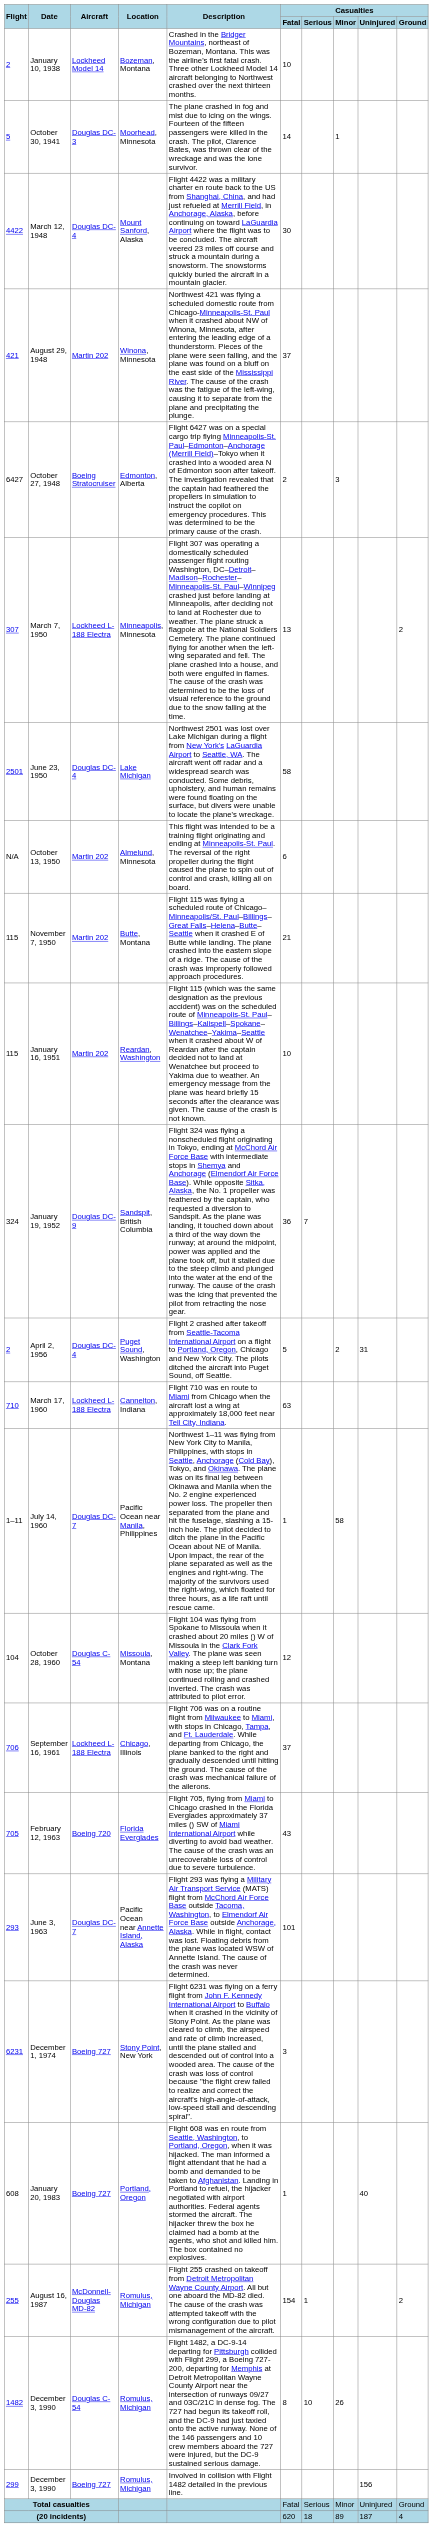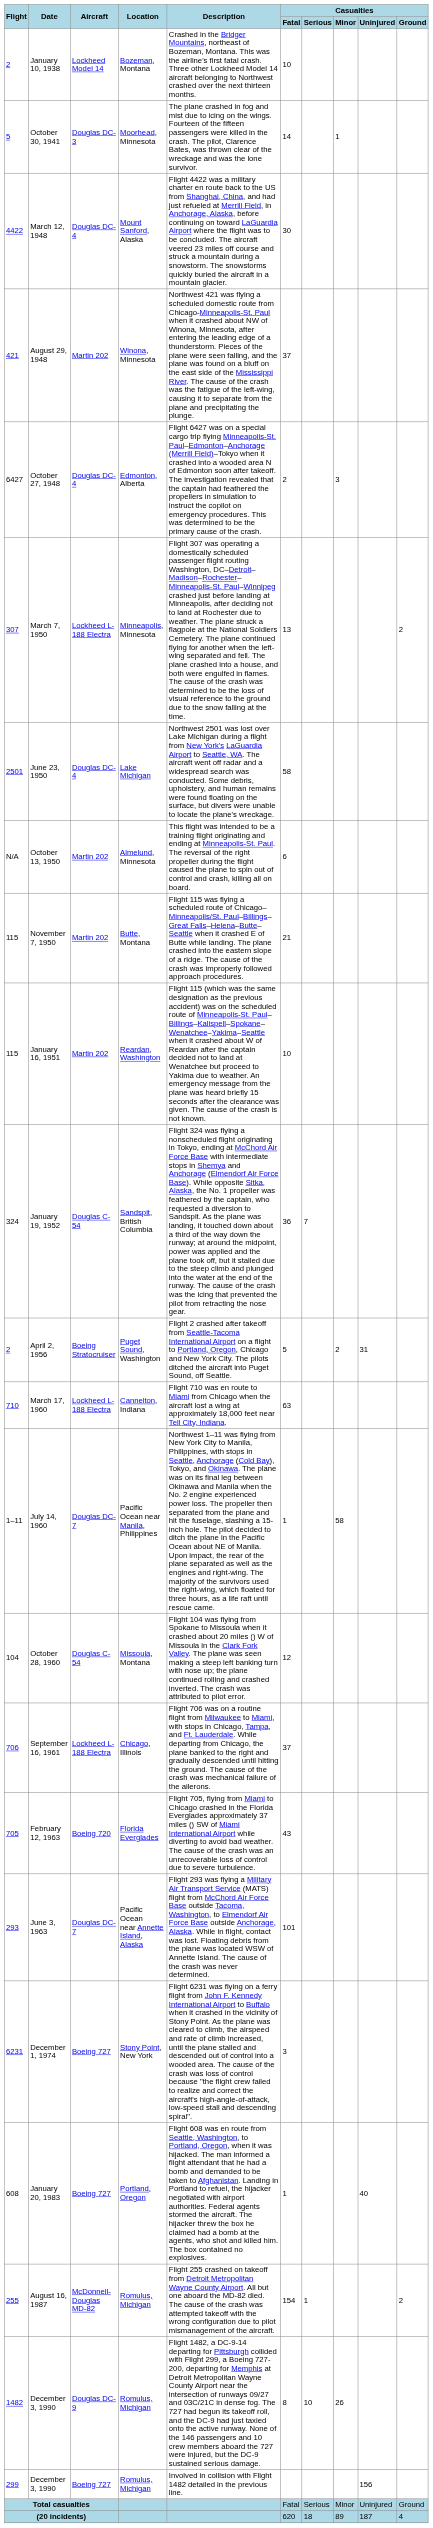 <table class="sortable toccolours" border="1" cellpadding="3" style="border-collapse:collapse; margin: 1em auto;">
 <tr style="background:lightblue;">
 <th rowspan="2">Flight</th>
 <th rowspan="2">Date</th>
 <th rowspan="2">Aircraft</th>
 <th rowspan="2">Location</th>
 <th rowspan="2">Description</th>
 <th colspan="5">Casualties</th>
 </tr>
 <tr style="background:lightblue;">
 <th>Fatal</th>
 <th>Serious</th>
 <th>Minor</th>
 <th>Uninjured</th>
 <th>Ground</th>
 </tr>
 <tr>
 <td><a href='#'>2</a></td>
 <td>January 10, 1938</td>
 <td><a href='#'>Lockheed<br>Model 14</a></td>
 <td><a href='#'>Bozeman</a>, Montana</td>
 <td>Crashed in the <a href='#'>Bridger Mountains</a>,  northeast of Bozeman, Montana. This was the airline's first fatal crash. Three other Lockheed Model 14 aircraft belonging to Northwest crashed over the next thirteen months.</td>
 <td>10</td>
 <td></td>
 <td></td>
 <td></td>
 <td></td>
 </tr>
 <tr>
 <td><a href='#'>5</a></td>
 <td>October 30, 1941</td>
 <td><a href='#'>Douglas DC-3</a></td>
 <td><a href='#'>Moorhead</a>, Minnesota</td>
 <td>The plane crashed in fog and mist due to icing on the wings. Fourteen of the fifteen passengers were killed in the crash. The pilot, Clarence Bates, was thrown clear of the wreckage and was the lone survivor.</td>
 <td>14</td>
 <td></td>
 <td>1</td>
 <td></td>
 <td></td>
 </tr>
 <tr>
 <td><a href='#'>4422</a></td>
 <td>March 12, 1948</td>
 <td><a href='#'>Douglas DC-4</a></td>
 <td><a href='#'>Mount Sanford</a>, Alaska</td>
 <td>Flight 4422 was a military charter en route back to the US from <a href='#'>Shanghai, China</a>, and had just refueled at <a href='#'>Merrill Field</a>, in <a href='#'>Anchorage, Alaska</a>, before continuing on toward <a href='#'>LaGuardia Airport</a> where the flight was to be concluded. The aircraft veered 23 miles off course and struck a mountain during a snowstorm. The snowstorms quickly buried the aircraft in a mountain glacier.</td>
 <td>30</td>
 <td></td>
 <td></td>
 <td></td>
 <td></td>
 </tr>
 <tr>
 <td><a href='#'>421</a></td>
 <td>August 29, 1948</td>
 <td><a href='#'>Martin 202</a></td>
 <td><a href='#'>Winona</a>, Minnesota</td>
 <td>Northwest 421 was flying a scheduled domestic route from Chicago-<a href='#'>Minneapolis-St. Paul</a> when it crashed about  NW of Winona, Minnesota, after entering the leading edge of a thunderstorm. Pieces of the plane were seen falling, and the plane was found on a bluff on the east side of the <a href='#'>Mississippi River</a>. The cause of the crash was the fatigue of the left-wing, causing it to separate from the plane and precipitating the plunge.</td>
 <td>37</td>
 <td></td>
 <td></td>
 <td></td>
 <td></td>
 </tr>
 <tr>
 <td>6427</td>
 <td>October 27, 1948</td>
-<td><a href='#'>Boeing Stratocruiser</a></td>
+<td><a href='#'>Douglas DC-4</a></td>
 <td><a href='#'>Edmonton</a>, Alberta</td>
 <td>Flight 6427 was on a special cargo trip flying <a href='#'>Minneapolis-St. Paul</a>–<a href='#'>Edmonton</a>–<a href='#'>Anchorage (Merrill Field)</a>–Tokyo when it crashed into a wooded area  N of Edmonton soon after takeoff. The investigation revealed that the captain had feathered the propellers in simulation to instruct the copilot on emergency procedures. This was determined to be the primary cause of the crash.</td>
 <td>2</td>
 <td></td>
 <td>3</td>
 <td></td>
 <td></td>
 </tr>
 <tr>
 <td><a href='#'>307</a></td>
 <td>March 7, 1950</td>
 <td><a href='#'>Lockheed L-188 Electra</a></td>
 <td><a href='#'>Minneapolis</a>, Minnesota</td>
 <td>Flight 307 was operating a domestically scheduled passenger flight routing Washington, DC–<a href='#'>Detroit</a>–<a href='#'>Madison</a>–<a href='#'>Rochester</a>–<a href='#'>Minneapolis-St. Paul</a>–<a href='#'>Winnipeg</a> crashed just before landing at Minneapolis, after deciding not to land at Rochester due to weather. The plane struck a flagpole at the National Soldiers Cemetery. The plane continued flying for another  when the left-wing separated and fell. The plane crashed into a house, and both were engulfed in flames. The cause of the crash was determined to be the loss of visual reference to the ground due to the snow falling at the time.</td>
 <td>13</td>
 <td></td>
 <td></td>
 <td></td>
 <td>2</td>
 </tr>
 <tr>
 <td><a href='#'>2501</a></td>
 <td>June 23, 1950</td>
 <td><a href='#'>Douglas DC-4</a></td>
 <td><a href='#'>Lake Michigan</a></td>
 <td>Northwest 2501 was lost over Lake Michigan during a flight from <a href='#'>New York's</a> <a href='#'>LaGuardia Airport</a> to <a href='#'>Seattle, WA</a>. The aircraft went off radar and a widespread search was conducted. Some debris, upholstery, and human remains were found floating on the surface, but divers were unable to locate the plane's wreckage.</td>
 <td>58</td>
 <td></td>
 <td></td>
 <td></td>
 <td></td>
 </tr>
 <tr>
 <td>N/A</td>
 <td>October 13, 1950</td>
 <td><a href='#'>Martin 202</a></td>
 <td><a href='#'>Almelund</a>, Minnesota</td>
 <td>This flight was intended to be a training flight originating and ending at <a href='#'>Minneapolis-St. Paul</a>. The reversal of the right propeller during the flight caused the plane to spin out of control and crash, killing all on board.</td>
 <td>6</td>
 <td></td>
 <td></td>
 <td></td>
 <td></td>
 </tr>
 <tr>
 <td>115</td>
 <td>November 7, 1950</td>
 <td><a href='#'>Martin 202</a></td>
 <td><a href='#'>Butte</a>, Montana</td>
 <td>Flight 115 was flying a scheduled route of Chicago–<a href='#'>Minneapolis/St. Paul</a>–<a href='#'>Billings</a>–<a href='#'>Great Falls</a>–<a href='#'>Helena</a>–<a href='#'>Butte</a>–<a href='#'>Seattle</a> when it crashed  E of Butte while landing. The plane crashed into the eastern slope of a ridge. The cause of the crash was improperly followed approach procedures.</td>
 <td>21</td>
 <td></td>
 <td></td>
 <td></td>
 <td></td>
 </tr>
 <tr>
 <td>115</td>
 <td>January 16, 1951</td>
 <td><a href='#'>Martin 202</a></td>
 <td><a href='#'>Reardan</a>, <a href='#'>Washington</a></td>
 <td>Flight 115 (which was the same designation as the previous accident) was on the scheduled route of <a href='#'>Minneapolis-St. Paul</a>–<a href='#'>Billings</a>–<a href='#'>Kalispell</a>–<a href='#'>Spokane</a>–<a href='#'>Wenatchee</a>–<a href='#'>Yakima</a>–<a href='#'>Seattle</a> when it crashed about  W of Reardan after the captain decided not to land at Wenatchee but proceed to Yakima due to weather. An emergency message from the plane was heard briefly 15 seconds after the clearance was given. The cause of the crash is not known.</td>
 <td>10</td>
 <td></td>
 <td></td>
 <td></td>
 <td></td>
 </tr>
 <tr>
 <td>324</td>
 <td>January 19, 1952</td>
-<td><a href='#'>Douglas DC-9</a></td>
+<td><a href='#'>Douglas C-54</a></td>
 <td><a href='#'>Sandspit</a>, British Columbia</td>
 <td>Flight 324 was flying a nonscheduled flight originating in Tokyo, ending at <a href='#'>McChord Air Force Base</a> with intermediate stops in <a href='#'>Shemya</a> and <a href='#'>Anchorage</a> (<a href='#'>Elmendorf Air Force Base</a>). While opposite <a href='#'>Sitka, Alaska</a>, the No. 1 propeller was feathered by the captain, who requested a diversion to Sandspit. As the plane was landing, it touched down about a third of the way down the runway; at around the midpoint, power was applied and the plane took off, but it stalled due to the steep climb and plunged into the water at the end of the runway. The cause of the crash was the icing that prevented the pilot from retracting the nose gear.</td>
 <td>36</td>
 <td>7</td>
 <td></td>
 <td></td>
 <td></td>
 </tr>
 <tr>
 <td><a href='#'>2</a></td>
 <td>April 2, 1956</td>
-<td><a href='#'>Douglas DC-4</a></td>
+<td><a href='#'>Boeing Stratocruiser</a></td>
 <td><a href='#'>Puget Sound</a>, Washington</td>
 <td>Flight 2 crashed after takeoff from <a href='#'>Seattle-Tacoma International Airport</a> on a flight to <a href='#'>Portland, Oregon</a>, Chicago and New York City. The pilots ditched the aircraft into Puget Sound,  off Seattle.</td>
 <td>5</td>
 <td></td>
 <td>2</td>
 <td>31</td>
 <td></td>
 </tr>
 <tr>
 <td><a href='#'>710</a></td>
 <td>March 17, 1960</td>
 <td><a href='#'>Lockheed L-188 Electra</a></td>
 <td><a href='#'>Cannelton</a>, Indiana</td>
 <td>Flight 710 was en route to <a href='#'>Miami</a> from Chicago when the aircraft lost a wing at approximately 18,000 feet near <a href='#'>Tell City, Indiana</a>.</td>
 <td>63</td>
 <td></td>
 <td></td>
 <td></td>
 <td></td>
 </tr>
 <tr>
 <td>1–11</td>
 <td>July 14, 1960</td>
 <td><a href='#'>Douglas DC-7</a></td>
 <td>Pacific Ocean near <a href='#'>Manila</a>, Philippines</td>
 <td>Northwest 1–11 was flying from New York City to Manila, Philippines, with stops in <a href='#'>Seattle</a>, <a href='#'>Anchorage</a> (<a href='#'>Cold Bay</a>), Tokyo, and <a href='#'>Okinawa</a>. The plane was on its final leg between Okinawa and Manila when the No. 2 engine experienced power loss. The propeller then separated from the plane and hit the fuselage, slashing a 15-inch hole. The pilot decided to ditch the plane in the Pacific Ocean about  NE of Manila. Upon impact, the rear of the plane separated as well as the engines and right-wing. The majority of the survivors used the right-wing, which floated for three hours, as a life raft until rescue came.</td>
 <td>1</td>
 <td></td>
 <td>58</td>
 <td></td>
 <td></td>
 </tr>
 <tr>
 <td>104</td>
 <td>October 28, 1960</td>
 <td><a href='#'>Douglas C-54</a></td>
 <td><a href='#'>Missoula</a>, Montana</td>
 <td>Flight 104 was flying from Spokane to Missoula when it crashed about 20 miles () W of Missoula in the <a href='#'>Clark Fork Valley</a>. The plane was seen making a steep left banking turn with nose up; the plane continued rolling and crashed inverted. The crash was attributed to pilot error.</td>
 <td>12</td>
 <td></td>
 <td></td>
 <td></td>
 <td></td>
 </tr>
 <tr>
 <td><a href='#'>706</a></td>
 <td>September 16, 1961</td>
 <td><a href='#'>Lockheed L-188 Electra</a></td>
 <td><a href='#'>Chicago</a>, Illinois</td>
 <td>Flight 706 was on a routine flight from <a href='#'>Milwaukee</a> to <a href='#'>Miami</a>, with stops in Chicago, <a href='#'>Tampa</a>, and <a href='#'>Ft. Lauderdale</a>. While departing from Chicago, the plane banked to the right and gradually descended until hitting the ground. The cause of the crash was mechanical failure of the ailerons.</td>
 <td>37</td>
 <td></td>
 <td></td>
 <td></td>
 <td></td>
 </tr>
 <tr>
 <td><a href='#'>705</a></td>
 <td>February 12, 1963</td>
 <td><a href='#'>Boeing 720</a></td>
 <td><a href='#'>Florida Everglades</a></td>
 <td>Flight 705, flying from <a href='#'>Miami</a> to Chicago crashed in the Florida Everglades approximately 37 miles () SW of <a href='#'>Miami International Airport</a> while diverting to avoid bad weather. The cause of the crash was an unrecoverable loss of control due to severe turbulence.</td>
 <td>43</td>
 <td></td>
 <td></td>
 <td></td>
 <td></td>
 </tr>
 <tr>
 <td><a href='#'>293</a></td>
 <td>June 3, 1963</td>
 <td><a href='#'>Douglas DC-7</a></td>
 <td>Pacific Ocean<br>near <a href='#'>Annette Island, Alaska</a></td>
 <td>Flight 293 was flying a <a href='#'>Military Air Transport Service</a> (MATS) flight from <a href='#'>McChord Air Force Base</a> outside <a href='#'>Tacoma, Washington</a>, to <a href='#'>Elmendorf Air Force Base</a> outside <a href='#'>Anchorage, Alaska</a>. While in flight, contact was lost. Floating debris from the plane was located  WSW of Annette Island. The cause of the crash was never determined.</td>
 <td>101</td>
 <td></td>
 <td></td>
 <td></td>
 <td></td>
 </tr>
 <tr>
 <td><a href='#'>6231</a></td>
 <td>December 1, 1974</td>
 <td><a href='#'>Boeing 727</a></td>
 <td><a href='#'>Stony Point</a>, New York</td>
 <td>Flight 6231 was flying on a ferry flight from <a href='#'>John F. Kennedy International Airport</a> to <a href='#'>Buffalo</a> when it crashed in the vicinity of Stony Point. As the plane was cleared to climb, the airspeed and rate of climb increased, until the plane stalled and descended out of control into a wooded area. The cause of the crash was loss of control because "the flight crew failed to realize and correct the aircraft's high-angle-of-attack, low-speed stall and descending spiral".</td>
 <td>3</td>
 <td></td>
 <td></td>
 <td></td>
 <td></td>
 </tr>
 <tr>
 <td Northwest Airlines Flight 608>608</td>
 <td>January 20, 1983</td>
 <td><a href='#'>Boeing 727</a></td>
 <td><a href='#'>Portland, Oregon</a></td>
 <td>Flight 608 was en route from <a href='#'>Seattle, Washington</a>, to <a href='#'>Portland, Oregon</a>, when it was hijacked. The man informed a flight attendant that he had a bomb and demanded to be taken to <a href='#'>Afghanistan</a>. Landing in Portland to refuel, the hijacker negotiated with airport authorities. Federal agents stormed the aircraft. The hijacker threw the box he claimed had a bomb at the agents, who shot and killed him. The box contained no explosives.</td>
 <td>1</td>
 <td></td>
 <td></td>
 <td>40</td>
 <td></td>
 </tr>
 <tr>
 <td><a href='#'>255</a></td>
 <td>August 16, 1987</td>
 <td><a href='#'>McDonnell-Douglas MD-82</a></td>
 <td><a href='#'>Romulus, Michigan</a></td>
 <td>Flight 255 crashed on takeoff from <a href='#'>Detroit Metropolitan Wayne County Airport</a>. All but one aboard the MD-82 died. The cause of the crash was attempted takeoff with the wrong configuration due to pilot mismanagement of the aircraft.</td>
 <td>154</td>
 <td>1</td>
 <td></td>
 <td></td>
 <td>2</td>
 </tr>
 <tr>
 <td><a href='#'>1482</a></td>
 <td>December 3, 1990</td>
-<td><a href='#'>Douglas C-54</a></td>
+<td><a href='#'>Douglas DC-9</a></td>
 <td><a href='#'>Romulus, Michigan</a></td>
 <td>Flight 1482, a DC-9-14 departing for <a href='#'>Pittsburgh</a> collided with Flight 299, a Boeing 727-200, departing for <a href='#'>Memphis</a> at Detroit Metropolitan Wayne County Airport near the intersection of runways 09/27 and 03C/21C in dense fog. The 727 had begun its takeoff roll, and the DC-9 had just taxied onto the active runway. None of the 146 passengers and 10 crew members aboard the 727 were injured, but the DC-9 sustained serious damage.</td>
 <td>8</td>
 <td>10</td>
 <td>26</td>
 <td></td>
 <td></td>
 </tr>
 <tr>
 <td><a href='#'>299</a></td>
 <td>December 3, 1990</td>
 <td><a href='#'>Boeing 727</a></td>
 <td><a href='#'>Romulus, Michigan</a></td>
 <td>Involved in collision with Flight 1482 detailed in the previous line.</td>
 <td></td>
 <td></td>
 <td></td>
 <td>156</td>
 <td></td>
 </tr>
 <tr style="background:lightblue;">
 <th colspan="3"><strong>Total casualties</strong></th>
 <td></td>
 <td></td>
 <td>Fatal</td>
 <td>Serious</td>
 <td>Minor</td>
 <td>Uninjured</td>
 <td>Ground</td>
 </tr>
 <tr style="background:lightblue;">
 <th colspan="3">(20 incidents)</th>
 <td></td>
 <td></td>
 <td>620</td>
 <td>18</td>
 <td>89</td>
 <td>187</td>
 <td>4</td>
 </tr>
 </table>
